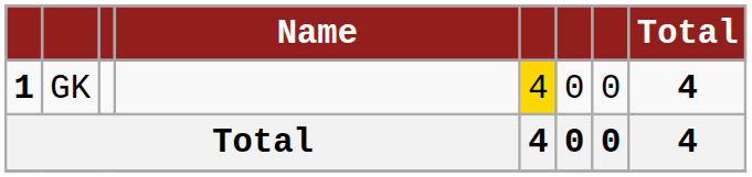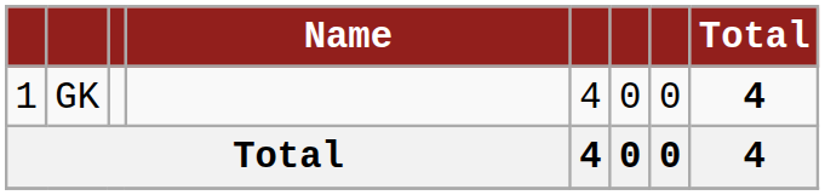 <table class="wikitable sortable" style="text-align:center;">
 <tr>
 <th style="background:#921f1c; color:#fff;" scope="col"></th>
 <th style="background:#921f1c; color:#fff;" scope="col"></th>
 <th style="background:#921f1c; color:#fff;" scope="col"></th>
 <th style="background:#921f1c; color:#fff; width:150px;" scope="col">Name</th>
 <th style="background:#921f1c; color:#fff;" scope="col"></th>
 <th style="background:#921f1c; color:#fff;" scope="col"></th>
 <th style="background:#921f1c; color:#fff;" scope="col"></th>
 <th style="background:#921f1c; color:#fff;" scope="col">Total</th>
 </tr>
 <tr>
-<td><strong>1</strong></td>
+<td>1</td>
 <td>GK</td>
 <td></td>
 <td></td>
-<td style="background: gold;">4</td>
+<td>4</td>
 <td>0</td>
 <td>0</td>
 <td><strong>4</strong></td>
 </tr>
 <tr>
 <th colspan=4>Total</th>
 <th>4</th>
 <th>0</th>
 <th>0</th>
 <th>4</th>
 </tr>
 <tr>
 </tr>
 </table>
